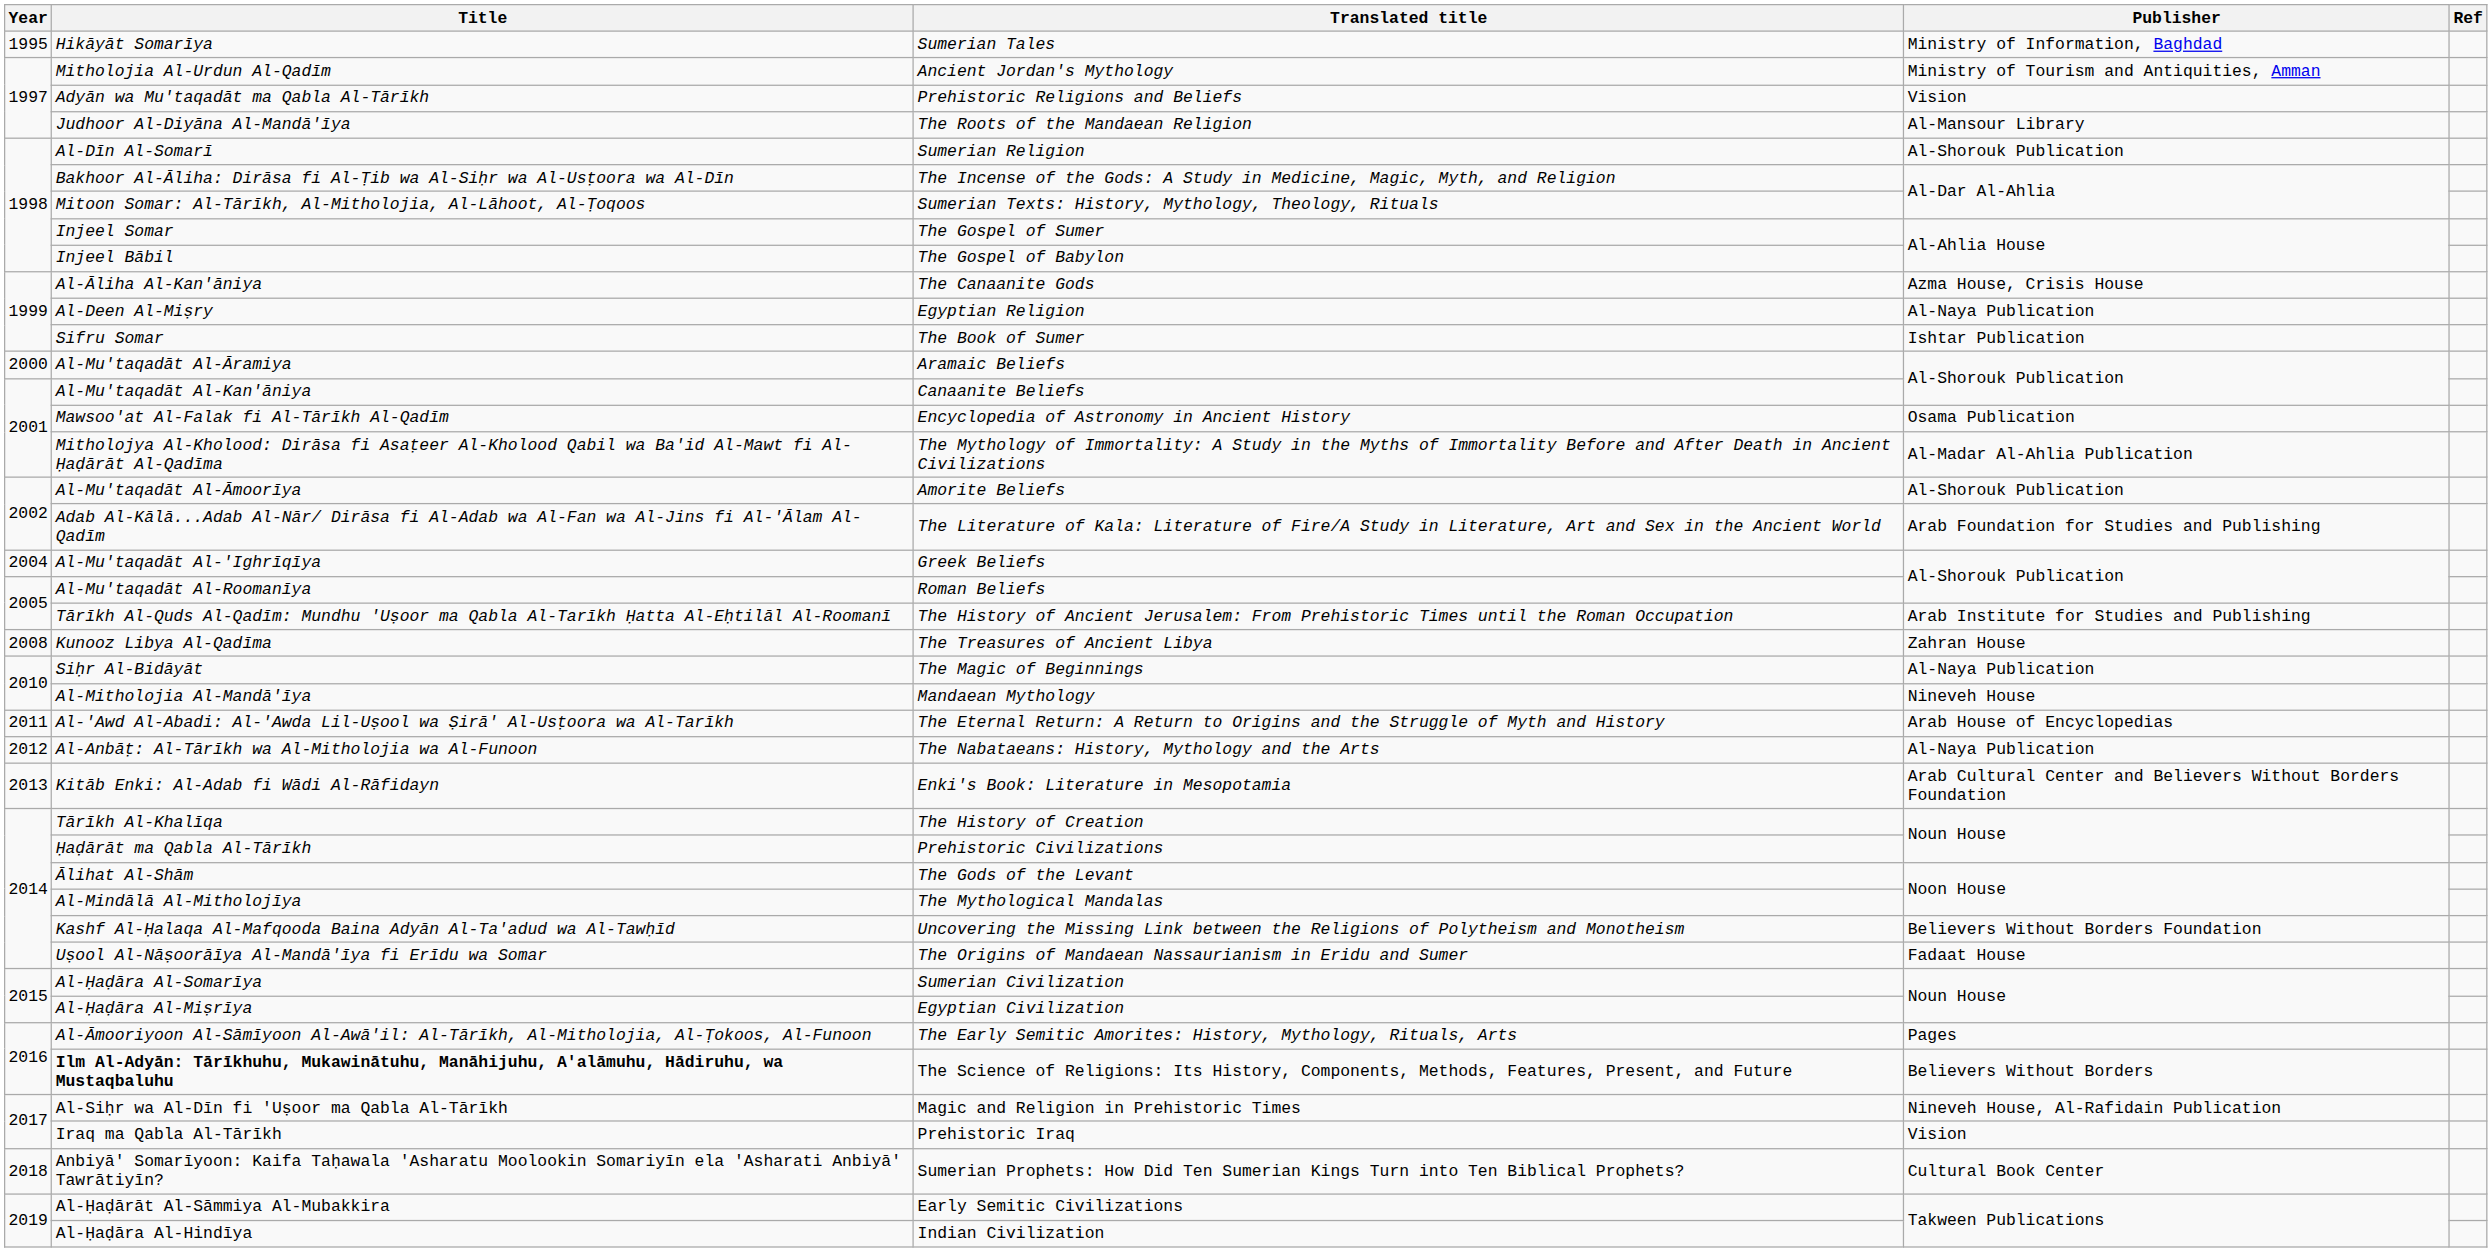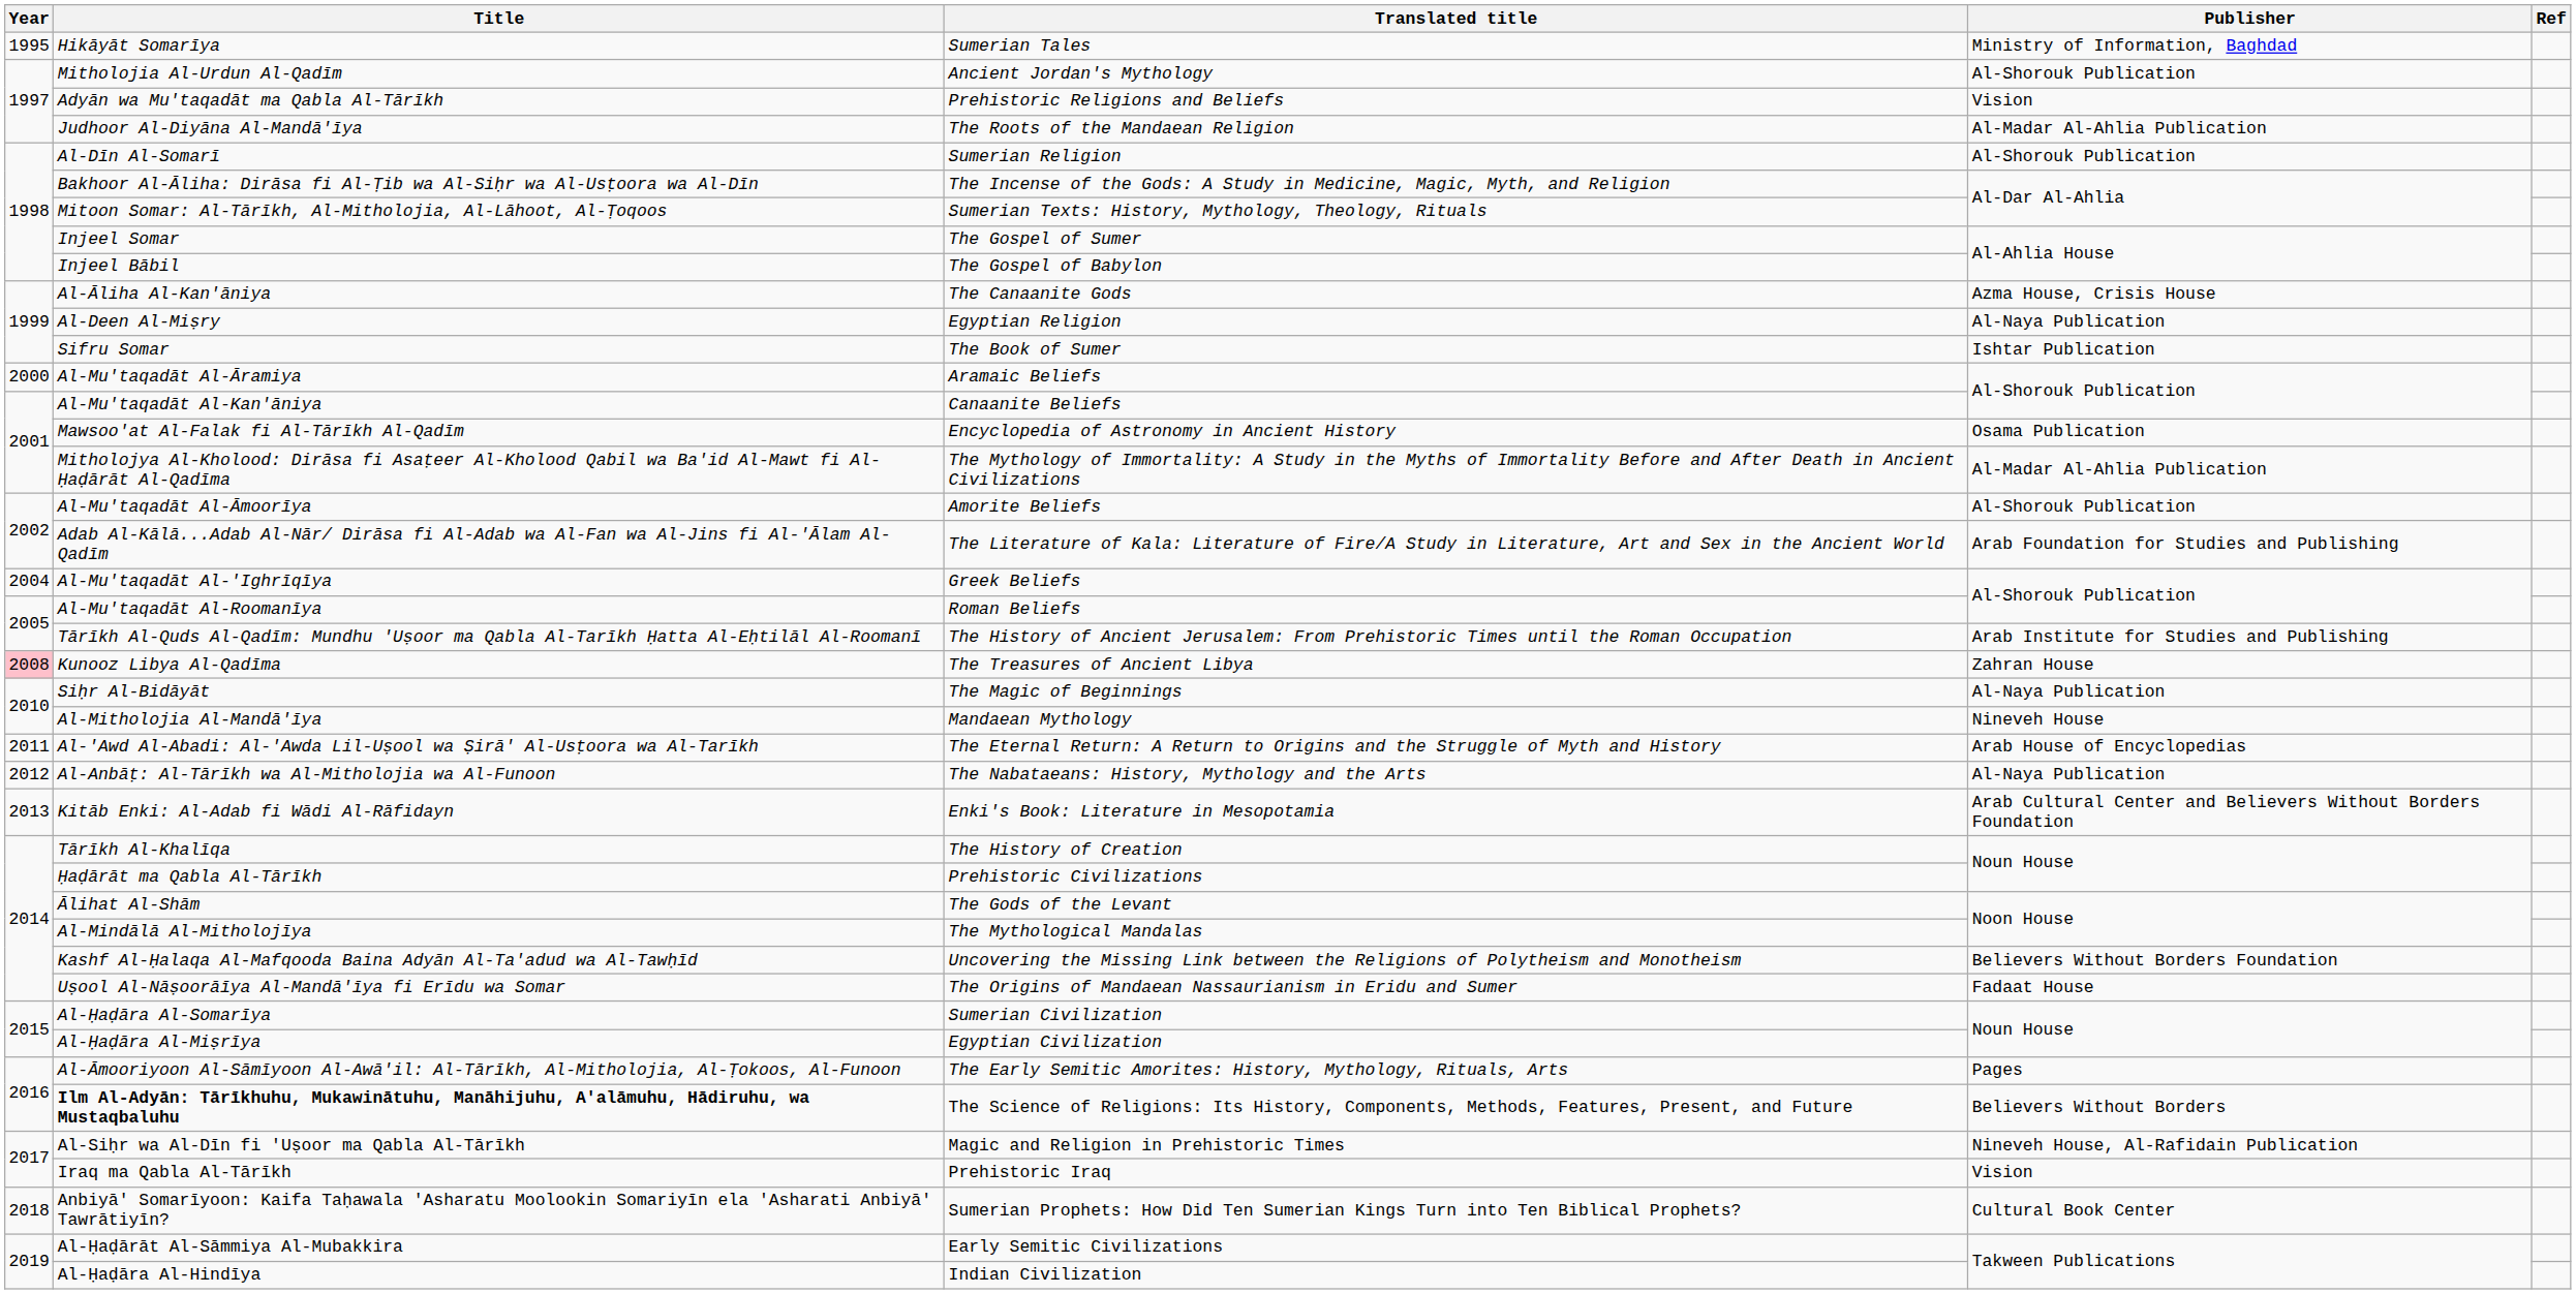 <table class="wikitable sortable">
 <tr>
 <th>Year</th>
 <th>Title</th>
 <th>Translated title</th>
 <th>Publisher</th>
 <th class="unsortable">Ref</th>
 </tr>
 <tr>
 <td>1995</td>
 <td><em>Hikāyāt Somarīya</em></td>
 <td><em>Sumerian Tales</em></td>
 <td>Ministry of Information, <a href='#'>Baghdad</a></td>
 <td></td>
 </tr>
 <tr>
 <td rowspan="3">1997</td>
 <td><em>Mitholojia Al-Urdun Al-Qadīm</em></td>
 <td><em>Ancient Jordan's Mythology</em></td>
-<td>Ministry of Tourism and Antiquities, <a href='#'>Amman</a></td>
+<td>Al-Shorouk Publication</td>
 </tr>
 <tr>
 <td><em>Adyān wa Mu'taqadāt ma Qabla Al-Tārīkh</em></td>
 <td><em>Prehistoric Religions and Beliefs</em></td>
 <td>Vision</td>
 <td></td>
 </tr>
 <tr>
 <td><em>Judhoor Al-Diyāna Al-Mandā'īya</em></td>
 <td><em>The Roots of the Mandaean Religion</em></td>
-<td>Al-Mansour Library</td>
+<td>Al-Madar Al-Ahlia Publication</td>
 <td></td>
 </tr>
 <tr>
 <td rowspan="5">1998</td>
 <td><em>Al-Dīn Al-Somarī</em></td>
 <td><em>Sumerian Religion</em></td>
 <td>Al-Shorouk Publication</td>
 <td></td>
 </tr>
 <tr>
 <td><em>Bakhoor Al-Āliha: Dirāsa fi Al-Ṭib wa Al-Siḥr wa Al-Usṭoora wa Al-Dīn</em></td>
 <td><em>The Incense of the Gods: A Study in Medicine, Magic, Myth, and Religion</em></td>
 <td rowspan="2">Al-Dar Al-Ahlia</td>
 <td></td>
 </tr>
 <tr>
 <td><em>Mitoon Somar: Al-Tārīkh, Al-Mitholojia, Al-Lāhoot, Al-Ṭoqoos</em></td>
 <td><em>Sumerian Texts: History, Mythology, Theology, Rituals</em></td>
 <td></td>
 </tr>
 <tr>
 <td><em>Injeel Somar</em></td>
 <td><em>The Gospel of Sumer</em></td>
 <td rowspan="2">Al-Ahlia House</td>
 <td></td>
 </tr>
 <tr>
 <td><em>Injeel Bābil</em></td>
 <td><em>The Gospel of Babylon</em></td>
 <td></td>
 </tr>
 <tr>
 <td rowspan="3">1999</td>
 <td><em>Al-Āliha Al-Kan'āniya</em></td>
 <td><em>The Canaanite Gods</em></td>
 <td>Azma House, Crisis House</td>
 <td></td>
 </tr>
 <tr>
 <td><em>Al-Deen Al-Miṣry</em></td>
 <td><em>Egyptian Religion</em></td>
 <td>Al-Naya Publication</td>
 <td></td>
 </tr>
 <tr>
 <td><em>Sifru Somar</em></td>
 <td><em>The Book of Sumer</em></td>
 <td>Ishtar Publication</td>
 <td></td>
 </tr>
 <tr>
 <td>2000</td>
 <td><em>Al-Mu'taqadāt Al-Āramiya</em></td>
 <td><em>Aramaic Beliefs</em></td>
 <td rowspan="2">Al-Shorouk Publication</td>
 <td></td>
 </tr>
 <tr>
 <td rowspan="3">2001</td>
 <td><em>Al-Mu'taqadāt Al-Kan'āniya</em></td>
 <td><em>Canaanite Beliefs</em></td>
 <td></td>
 </tr>
 <tr>
 <td><em>Mawsoo'at Al-Falak fi Al-Tārīkh Al-Qadīm</em></td>
 <td><em>Encyclopedia of Astronomy in Ancient History</em></td>
 <td>Osama Publication</td>
 <td></td>
 </tr>
 <tr>
 <td><em>Mitholojya Al-Kholood: Dirāsa fi Asaṭeer Al-Kholood Qabil wa Ba'id Al-Mawt fi Al-Ḥaḍārāt Al-Qadīma</em></td>
 <td><em>The Mythology of Immortality: A Study in the Myths of Immortality Before and After Death in Ancient Civilizations</em></td>
 <td>Al-Madar Al-Ahlia Publication</td>
 <td></td>
 </tr>
 <tr>
 <td rowspan="2">2002</td>
 <td><em>Al-Mu'taqadāt Al-Āmoorīya</em></td>
 <td><em>Amorite Beliefs</em></td>
 <td>Al-Shorouk Publication</td>
 <td></td>
 </tr>
 <tr>
 <td><em>Adab Al-Kālā...Adab Al-Nār/ Dirāsa fi Al-Adab wa Al-Fan wa Al-Jins fi Al-'Ālam Al-Qadīm</em></td>
 <td><em>The Literature of Kala: Literature of Fire/A Study in Literature, Art and Sex in the Ancient World</em></td>
 <td>Arab Foundation for Studies and Publishing</td>
 <td></td>
 </tr>
 <tr>
 <td>2004</td>
 <td><em>Al-Mu'taqadāt Al-'Ighrīqīya</em></td>
 <td><em>Greek Beliefs</em></td>
 <td rowspan="2">Al-Shorouk Publication</td>
 <td></td>
 </tr>
 <tr>
 <td rowspan="2">2005</td>
 <td><em>Al-Mu'taqadāt Al-Roomanīya</em></td>
 <td><em>Roman Beliefs</em></td>
 <td></td>
 </tr>
 <tr>
 <td><em>Tārīkh Al-Quds Al-Qadīm: Mundhu 'Uṣoor ma Qabla Al-Tarīkh Ḥatta Al-Eḥtilāl Al-Roomanī</em></td>
 <td><em>The History of Ancient Jerusalem: From Prehistoric Times until the Roman Occupation</em></td>
 <td>Arab Institute for Studies and Publishing</td>
 <td></td>
 </tr>
 <tr>
-<td>2008</td>
+<td style="background: pink;">2008</td>
 <td><em>Kunooz Libya Al-Qadīma</em></td>
 <td><em>The Treasures of Ancient Libya</em></td>
 <td>Zahran House</td>
 <td></td>
 </tr>
 <tr>
 <td rowspan="2">2010</td>
 <td><em>Siḥr Al-Bidāyāt</em></td>
 <td><em>The Magic of Beginnings</em></td>
 <td>Al-Naya Publication</td>
 <td></td>
 </tr>
 <tr>
 <td><em>Al-Mitholojia Al-Mandā'īya</em></td>
 <td><em>Mandaean Mythology</em></td>
 <td>Nineveh House</td>
 <td></td>
 </tr>
 <tr>
 <td>2011</td>
 <td><em>Al-'Awd Al-Abadi: Al-'Awda Lil-Uṣool wa Ṣirā' Al-Usṭoora wa Al-Tarīkh</em></td>
 <td><em>The Eternal Return: A Return to Origins and the Struggle of Myth and History</em></td>
 <td>Arab House of Encyclopedias</td>
 <td></td>
 </tr>
 <tr>
 <td>2012</td>
 <td><em>Al-Anbāṭ: Al-Tārīkh wa Al-Mitholojia wa Al-Funoon</em></td>
 <td><em>The Nabataeans: History, Mythology and the Arts</em></td>
 <td>Al-Naya Publication</td>
 <td></td>
 </tr>
 <tr>
 <td>2013</td>
 <td><em>Kitāb Enki: Al-Adab fi Wādi Al-Rāfidayn</em></td>
 <td><em>Enki's Book: Literature in Mesopotamia</em></td>
 <td>Arab Cultural Center and Believers Without Borders Foundation</td>
 <td></td>
 </tr>
 <tr>
 <td rowspan="6">2014</td>
 <td><em>Tārīkh Al-Khalīqa</em></td>
 <td><em>The History of Creation</em></td>
 <td rowspan="2">Noun House</td>
 <td></td>
 </tr>
 <tr>
 <td><em>Ḥaḍārāt ma Qabla Al-Tārīkh</em></td>
 <td><em>Prehistoric Civilizations</em></td>
 <td></td>
 </tr>
 <tr>
 <td><em>Ālihat Al-Shām</em></td>
 <td><em>The Gods of the Levant</em></td>
 <td rowspan="2">Noon House</td>
 <td></td>
 </tr>
 <tr>
 <td><em>Al-Mindālā Al-Mitholojīya</em></td>
 <td><em>The Mythological Mandalas</em></td>
 <td></td>
 </tr>
 <tr>
 <td><em>Kashf Al-Ḥalaqa Al-Mafqooda Baina Adyān Al-Ta'adud wa Al-Tawḥīd</em></td>
 <td><em>Uncovering the Missing Link between the Religions of Polytheism and Monotheism</em></td>
 <td>Believers Without Borders Foundation</td>
 <td></td>
 </tr>
 <tr>
 <td><em>Uṣool Al-Nāṣoorāīya Al-Mandā'īya fi Erīdu wa Somar</em></td>
 <td><em>The Origins of Mandaean Nassaurianism in Eridu and Sumer</em></td>
 <td>Fadaat House</td>
 <td></td>
 </tr>
 <tr>
 <td rowspan="2">2015</td>
 <td><em>Al-Ḥaḍāra Al-Somarīya</em></td>
 <td><em>Sumerian Civilization</em></td>
 <td rowspan="2">Noun House</td>
 <td></td>
 </tr>
 <tr>
 <td><em>Al-Ḥaḍāra Al-Miṣrīya</em></td>
 <td><em>Egyptian Civilization</em></td>
 <td></td>
 </tr>
 <tr>
 <td rowspan="2">2016</td>
 <td><em>Al-Āmooriyoon Al-Sāmīyoon Al-Awā'il: Al-Tārīkh, Al-Mitholojia, Al-Ṭokoos, Al-Funoon</em></td>
 <td><em>The Early Semitic Amorites: History, Mythology, Rituals, Arts</em></td>
 <td>Pages</td>
 <td></td>
 </tr>
 <tr>
 <td><strong>Ilm Al-Adyān: Tārīkhuhu, Mukawinātuhu, Manāhijuhu, A'alāmuhu, Hādiruhu, wa Mustaqbaluhu<em></td>
 <td></em>The Science of Religions: Its History, Components, Methods, Features, Present, and Future<em></td>
 <td>Believers Without Borders</td>
 <td></td>
 </tr>
 <tr>
 <td rowspan="2">2017</td>
 <td></em>Al-Siḥr wa Al-Dīn fi 'Uṣoor ma Qabla Al-Tārīkh<em></td>
 <td></em>Magic and Religion in Prehistoric Times<em></td>
 <td>Nineveh House, Al-Rafidain Publication</td>
 </tr>
 <tr>
 <td></em>Iraq ma Qabla Al-Tārīkh<em></td>
 <td></em>Prehistoric Iraq<em></td>
 <td>Vision</td>
 <td></td>
 </tr>
 <tr>
 <td>2018</td>
 <td></em>Anbiyā' Somarīyoon: Kaifa Taḥawala 'Asharatu Moolookin Somariyīn ela 'Asharati Anbiyā' Tawrātiyīn?<em></td>
 <td></em>Sumerian Prophets: How Did Ten Sumerian Kings Turn into Ten Biblical Prophets?<em></td>
 <td>Cultural Book Center</td>
 <td></td>
 </tr>
 <tr>
 <td rowspan="2">2019</td>
 <td></em>Al-Ḥaḍārāt Al-Sāmmiya Al-Mubakkira<em></td>
 <td></em>Early Semitic Civilizations<em></td>
 <td rowspan="2">Takween Publications</td>
 <td></td>
 </tr>
 <tr>
 <td></em>Al-Ḥaḍāra Al-Hindīya<em></td>
 <td></em>Indian Civilization<em></td>
 <td></td>
 </tr>
 </table>
